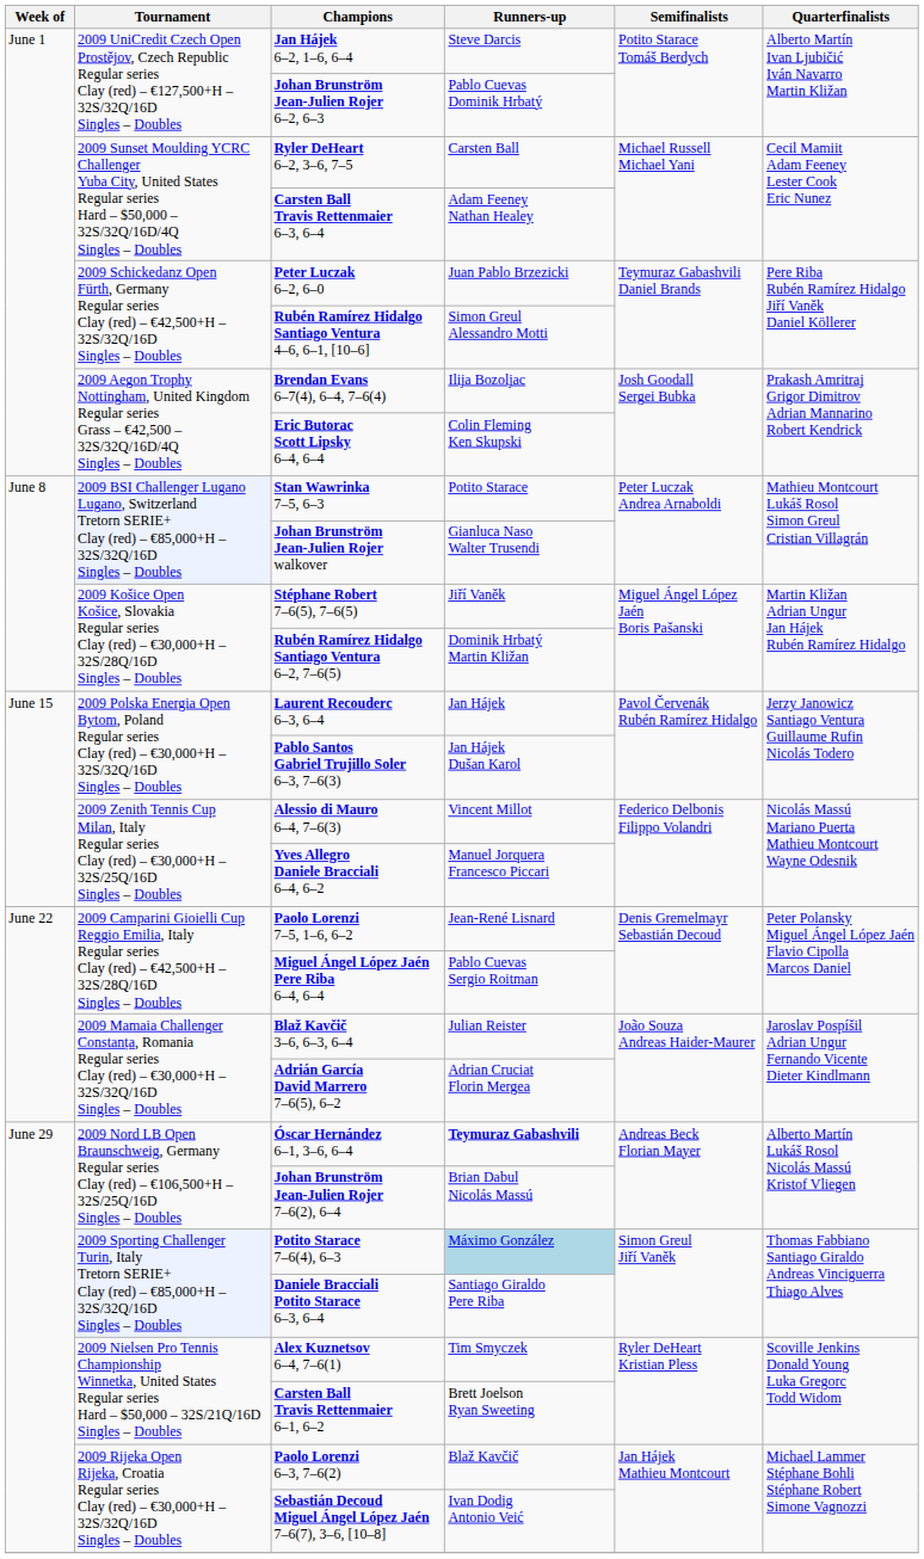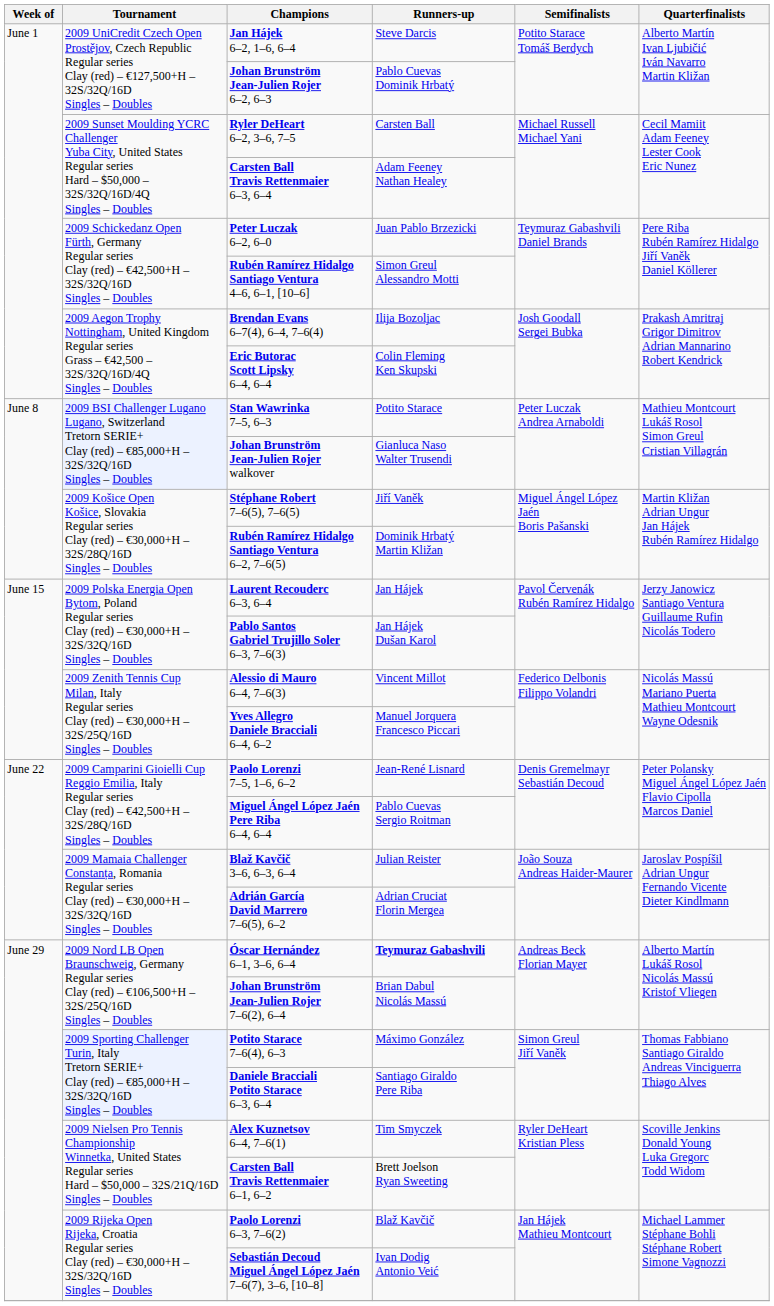 <table class="wikitable" style="font-size:85%;">
 <tr>
 <th width="75">Week of</th>
 <th width="230">Tournament</th>
 <th width="210">Champions</th>
 <th width="210">Runners-up</th>
 <th width="170">Semifinalists</th>
 <th width="170">Quarterfinalists</th>
 </tr>
 <tr valign=top>
 <td rowspan=8>June 1</td>
 <td rowspan=2><a href='#'>2009 UniCredit Czech Open</a><br> <a href='#'>Prostějov</a>, Czech Republic<br>Regular series<br>Clay (red) – €127,500+H – 32S/32Q/16D<br><a href='#'>Singles</a> – <a href='#'>Doubles</a></td>
 <td> <strong><a href='#'>Jan Hájek</a></strong> <br>6–2, 1–6, 6–4</td>
 <td> <a href='#'>Steve Darcis</a></td>
 <td rowspan=2> <a href='#'>Potito Starace</a><br> <a href='#'>Tomáš Berdych</a></td>
 <td rowspan=2> <a href='#'>Alberto Martín</a><br> <a href='#'>Ivan Ljubičić</a><br> <a href='#'>Iván Navarro</a><br> <a href='#'>Martin Kližan</a></td>
 </tr>
 <tr valign=top>
 <td> <strong><a href='#'>Johan Brunström</a></strong><br> <strong><a href='#'>Jean-Julien Rojer</a></strong><br>6–2, 6–3</td>
 <td> <a href='#'>Pablo Cuevas</a><br> <a href='#'>Dominik Hrbatý</a></td>
 </tr>
 <tr valign=top>
 <td rowspan=2><a href='#'>2009 Sunset Moulding YCRC Challenger</a><br><a href='#'>Yuba City</a>, United States<br>Regular series<br>Hard – $50,000 – 32S/32Q/16D/4Q<br><a href='#'>Singles</a> – <a href='#'>Doubles</a></td>
 <td> <strong><a href='#'>Ryler DeHeart</a></strong><br>6–2, 3–6, 7–5</td>
 <td> <a href='#'>Carsten Ball</a></td>
 <td rowspan=2> <a href='#'>Michael Russell</a><br> <a href='#'>Michael Yani</a></td>
 <td rowspan=2> <a href='#'>Cecil Mamiit</a><br> <a href='#'>Adam Feeney</a><br>  <a href='#'>Lester Cook</a><br> <a href='#'>Eric Nunez</a></td>
 </tr>
 <tr valign=top>
 <td> <strong><a href='#'>Carsten Ball</a></strong><br> <strong><a href='#'>Travis Rettenmaier</a></strong><br>6–3, 6–4</td>
 <td> <a href='#'>Adam Feeney</a><br> <a href='#'>Nathan Healey</a></td>
 </tr>
 <tr valign=top>
 <td rowspan=2><a href='#'>2009 Schickedanz Open</a><br> <a href='#'>Fürth</a>, Germany<br>Regular series<br>Clay (red) – €42,500+H – 32S/32Q/16D<br><a href='#'>Singles</a> – <a href='#'>Doubles</a></td>
 <td> <strong><a href='#'>Peter Luczak</a></strong><br>6–2, 6–0</td>
 <td> <a href='#'>Juan Pablo Brzezicki</a></td>
 <td rowspan=2> <a href='#'>Teymuraz Gabashvili</a><br> <a href='#'>Daniel Brands</a></td>
 <td rowspan=2> <a href='#'>Pere Riba</a><br> <a href='#'>Rubén Ramírez Hidalgo</a><br> <a href='#'>Jiří Vaněk</a><br> <a href='#'>Daniel Köllerer</a></td>
 </tr>
 <tr valign=top>
 <td> <strong><a href='#'>Rubén Ramírez Hidalgo</a></strong><br> <strong><a href='#'>Santiago Ventura</a></strong><br>4–6, 6–1, [10–6]</td>
 <td> <a href='#'>Simon Greul</a><br> <a href='#'>Alessandro Motti</a></td>
 </tr>
 <tr valign=top>
 <td rowspan=2><a href='#'>2009 Aegon Trophy</a><br> <a href='#'>Nottingham</a>, United Kingdom<br>Regular series<br>Grass – €42,500 – 32S/32Q/16D/4Q<br><a href='#'>Singles</a> – <a href='#'>Doubles</a></td>
 <td> <strong><a href='#'>Brendan Evans</a></strong><br>6–7(4), 6–4, 7–6(4)</td>
 <td> <a href='#'>Ilija Bozoljac</a></td>
 <td rowspan=2> <a href='#'>Josh Goodall</a><br> <a href='#'>Sergei Bubka</a></td>
 <td rowspan=2> <a href='#'>Prakash Amritraj</a><br> <a href='#'>Grigor Dimitrov</a><br> <a href='#'>Adrian Mannarino</a><br> <a href='#'>Robert Kendrick</a></td>
 </tr>
 <tr valign=top>
 <td> <strong><a href='#'>Eric Butorac</a></strong><br> <strong><a href='#'>Scott Lipsky</a></strong><br>6–4, 6–4</td>
 <td> <a href='#'>Colin Fleming</a><br> <a href='#'>Ken Skupski</a></td>
 </tr>
 <tr valign=top>
 <td rowspan=4>June 8</td>
 <td bgcolor="#ECF2FF" rowspan=2><a href='#'>2009 BSI Challenger Lugano</a><br> <a href='#'>Lugano</a>, Switzerland<br>Tretorn SERIE+<br>Clay (red) – €85,000+H – 32S/32Q/16D<br><a href='#'>Singles</a> – <a href='#'>Doubles</a></td>
 <td> <strong><a href='#'>Stan Wawrinka</a></strong><br>7–5, 6–3</td>
 <td> <a href='#'>Potito Starace</a></td>
 <td rowspan=2> <a href='#'>Peter Luczak</a><br> <a href='#'>Andrea Arnaboldi</a></td>
 <td rowspan=2> <a href='#'>Mathieu Montcourt</a><br> <a href='#'>Lukáš Rosol</a><br> <a href='#'>Simon Greul</a><br> <a href='#'>Cristian Villagrán</a></td>
 </tr>
 <tr valign=top>
 <td> <strong><a href='#'>Johan Brunström</a></strong><br> <strong><a href='#'>Jean-Julien Rojer</a></strong><br>walkover</td>
 <td> <a href='#'>Gianluca Naso</a><br> <a href='#'>Walter Trusendi</a></td>
 </tr>
 <tr valign=top>
 <td rowspan=2><a href='#'>2009 Košice Open</a><br> <a href='#'>Košice</a>, Slovakia<br>Regular series<br>Clay (red) – €30,000+H – 32S/28Q/16D<br><a href='#'>Singles</a> – <a href='#'>Doubles</a></td>
 <td> <strong><a href='#'>Stéphane Robert</a></strong><br>7–6(5), 7–6(5)</td>
 <td> <a href='#'>Jiří Vaněk</a></td>
 <td rowspan=2> <a href='#'>Miguel Ángel López Jaén</a><br> <a href='#'>Boris Pašanski</a></td>
 <td rowspan=2> <a href='#'>Martin Kližan</a><br> <a href='#'>Adrian Ungur</a><br> <a href='#'>Jan Hájek</a><br> <a href='#'>Rubén Ramírez Hidalgo</a></td>
 </tr>
 <tr valign=top>
 <td> <strong><a href='#'>Rubén Ramírez Hidalgo</a></strong><br> <strong><a href='#'>Santiago Ventura</a></strong><br>6–2, 7–6(5)</td>
 <td> <a href='#'>Dominik Hrbatý</a><br> <a href='#'>Martin Kližan</a></td>
 </tr>
 <tr valign=top>
 <td rowspan=4>June 15</td>
 <td rowspan=2><a href='#'>2009 Polska Energia Open</a><br> <a href='#'>Bytom</a>, Poland<br>Regular series<br>Clay (red) – €30,000+H – 32S/32Q/16D<br><a href='#'>Singles</a> – <a href='#'>Doubles</a></td>
 <td> <strong><a href='#'>Laurent Recouderc</a></strong><br>6–3, 6–4</td>
 <td> <a href='#'>Jan Hájek</a></td>
 <td rowspan=2> <a href='#'>Pavol Červenák</a><br> <a href='#'>Rubén Ramírez Hidalgo</a></td>
 <td rowspan=2> <a href='#'>Jerzy Janowicz</a><br> <a href='#'>Santiago Ventura</a><br> <a href='#'>Guillaume Rufin</a><br> <a href='#'>Nicolás Todero</a></td>
 </tr>
 <tr valign=top>
 <td> <strong><a href='#'>Pablo Santos</a></strong><br> <strong><a href='#'>Gabriel Trujillo Soler</a></strong><br>6–3, 7–6(3)</td>
 <td> <a href='#'>Jan Hájek</a><br> <a href='#'>Dušan Karol</a></td>
 </tr>
 <tr valign=top>
 <td rowspan=2><a href='#'>2009 Zenith Tennis Cup</a><br> <a href='#'>Milan</a>, Italy<br>Regular series<br>Clay (red) – €30,000+H – 32S/25Q/16D<br><a href='#'>Singles</a> – <a href='#'>Doubles</a></td>
 <td> <strong><a href='#'>Alessio di Mauro</a></strong><br>6–4, 7–6(3)</td>
 <td> <a href='#'>Vincent Millot</a></td>
 <td rowspan=2> <a href='#'>Federico Delbonis</a><br> <a href='#'>Filippo Volandri</a></td>
 <td rowspan=2> <a href='#'>Nicolás Massú</a><br> <a href='#'>Mariano Puerta</a><br> <a href='#'>Mathieu Montcourt</a><br> <a href='#'>Wayne Odesnik</a></td>
 </tr>
 <tr valign=top>
 <td> <strong><a href='#'>Yves Allegro</a></strong><br> <strong><a href='#'>Daniele Bracciali</a></strong><br>6–4, 6–2</td>
 <td> <a href='#'>Manuel Jorquera</a><br> <a href='#'>Francesco Piccari</a></td>
 </tr>
 <tr valign=top>
 <td rowspan=4>June 22</td>
 <td rowspan=2><a href='#'>2009 Camparini Gioielli Cup</a><br> <a href='#'>Reggio Emilia</a>, Italy<br>Regular series<br>Clay (red) – €42,500+H – 32S/28Q/16D<br><a href='#'>Singles</a> – <a href='#'>Doubles</a></td>
 <td> <strong><a href='#'>Paolo Lorenzi</a></strong><br>7–5, 1–6, 6–2</td>
 <td> <a href='#'>Jean-René Lisnard</a></td>
 <td rowspan=2> <a href='#'>Denis Gremelmayr</a><br> <a href='#'>Sebastián Decoud</a></td>
 <td rowspan=2> <a href='#'>Peter Polansky</a><br> <a href='#'>Miguel Ángel López Jaén</a><br> <a href='#'>Flavio Cipolla</a><br> <a href='#'>Marcos Daniel</a></td>
 </tr>
 <tr valign=top>
 <td> <strong><a href='#'>Miguel Ángel López Jaén</a></strong><br> <strong><a href='#'>Pere Riba</a></strong><br>6–4, 6–4</td>
 <td> <a href='#'>Pablo Cuevas</a><br> <a href='#'>Sergio Roitman</a></td>
 </tr>
 <tr valign=top>
 <td rowspan=2><a href='#'>2009 Mamaia Challenger</a><br> <a href='#'>Constanța</a>, Romania<br>Regular series<br>Clay (red) – €30,000+H – 32S/32Q/16D<br><a href='#'>Singles</a> – <a href='#'>Doubles</a></td>
 <td> <strong><a href='#'>Blaž Kavčič</a></strong><br>3–6, 6–3, 6–4</td>
 <td> <a href='#'>Julian Reister</a></td>
 <td rowspan=2> <a href='#'>João Souza</a><br> <a href='#'>Andreas Haider-Maurer</a></td>
 <td rowspan=2> <a href='#'>Jaroslav Pospíšil</a><br> <a href='#'>Adrian Ungur</a><br> <a href='#'>Fernando Vicente</a><br> <a href='#'>Dieter Kindlmann</a></td>
 </tr>
 <tr valign=top>
 <td> <strong><a href='#'>Adrián García</a></strong><br> <strong><a href='#'>David Marrero</a></strong><br>7–6(5), 6–2</td>
 <td> <a href='#'>Adrian Cruciat</a><br> <a href='#'>Florin Mergea</a></td>
 </tr>
 <tr valign=top>
 <td rowspan=8>June 29</td>
 <td rowspan=2><a href='#'>2009 Nord LB Open</a><br> <a href='#'>Braunschweig</a>, Germany<br>Regular series<br>Clay (red) – €106,500+H – 32S/25Q/16D<br><a href='#'>Singles</a> – <a href='#'>Doubles</a></td>
 <td> <strong><a href='#'>Óscar Hernández</a></strong><br>6–1, 3–6, 6–4</td>
 <td><strong> <a href='#'>Teymuraz Gabashvili</a></strong></td>
 <td rowspan=2> <a href='#'>Andreas Beck</a><br> <a href='#'>Florian Mayer</a></td>
 <td rowspan=2> <a href='#'>Alberto Martín</a><br> <a href='#'>Lukáš Rosol</a><br> <a href='#'>Nicolás Massú</a><br> <a href='#'>Kristof Vliegen</a></td>
 </tr>
 <tr valign=top>
 <td> <strong><a href='#'>Johan Brunström</a></strong><br> <strong><a href='#'>Jean-Julien Rojer</a></strong><br>7–6(2), 6–4</td>
 <td> <a href='#'>Brian Dabul</a><br> <a href='#'>Nicolás Massú</a></td>
 </tr>
 <tr valign=top>
 <td bgcolor="#ECF2FF" rowspan=2><a href='#'>2009 Sporting Challenger</a><br> <a href='#'>Turin</a>, Italy<br>Tretorn SERIE+<br>Clay (red) – €85,000+H – 32S/32Q/16D<br><a href='#'>Singles</a> – <a href='#'>Doubles</a></td>
 <td> <strong><a href='#'>Potito Starace</a></strong><br>7–6(4), 6–3</td>
-<td style="background: lightblue;"> <a href='#'>Máximo González</a></td>
+<td> <a href='#'>Máximo González</a></td>
 <td rowspan=2> <a href='#'>Simon Greul</a><br> <a href='#'>Jiří Vaněk</a></td>
 <td rowspan=2> <a href='#'>Thomas Fabbiano</a><br> <a href='#'>Santiago Giraldo</a><br> <a href='#'>Andreas Vinciguerra</a><br> <a href='#'>Thiago Alves</a></td>
 </tr>
 <tr valign=top>
 <td> <strong><a href='#'>Daniele Bracciali</a></strong><br> <strong><a href='#'>Potito Starace</a></strong> <br>6–3, 6–4</td>
 <td> <a href='#'>Santiago Giraldo</a><br> <a href='#'>Pere Riba</a></td>
 </tr>
 <tr valign=top>
 <td rowspan=2><a href='#'>2009 Nielsen Pro Tennis Championship</a><br> <a href='#'>Winnetka</a>, United States<br>Regular series<br>Hard – $50,000 – 32S/21Q/16D<br><a href='#'>Singles</a> – <a href='#'>Doubles</a></td>
 <td> <strong><a href='#'>Alex Kuznetsov</a></strong><br>6–4, 7–6(1)</td>
 <td> <a href='#'>Tim Smyczek</a></td>
 <td rowspan=2> <a href='#'>Ryler DeHeart</a><br> <a href='#'>Kristian Pless</a></td>
 <td rowspan=2> <a href='#'>Scoville Jenkins</a><br> <a href='#'>Donald Young</a><br> <a href='#'>Luka Gregorc</a><br> <a href='#'>Todd Widom</a></td>
 </tr>
 <tr valign=top>
 <td> <strong><a href='#'>Carsten Ball</a></strong><br> <strong><a href='#'>Travis Rettenmaier</a></strong><br>6–1, 6–2</td>
 <td> Brett Joelson<br> <a href='#'>Ryan Sweeting</a></td>
 </tr>
 <tr valign=top>
 <td rowspan=2><a href='#'>2009 Rijeka Open</a><br> <a href='#'>Rijeka</a>, Croatia<br>Regular series<br>Clay (red) – €30,000+H – 32S/32Q/16D<br><a href='#'>Singles</a> – <a href='#'>Doubles</a></td>
 <td> <strong><a href='#'>Paolo Lorenzi</a></strong><br>6–3, 7–6(2)</td>
 <td> <a href='#'>Blaž Kavčič</a></td>
 <td rowspan=2> <a href='#'>Jan Hájek</a><br> <a href='#'>Mathieu Montcourt</a></td>
 <td rowspan=2> <a href='#'>Michael Lammer</a><br> <a href='#'>Stéphane Bohli</a><br> <a href='#'>Stéphane Robert</a><br> <a href='#'>Simone Vagnozzi</a></td>
 </tr>
 <tr valign=top>
 <td> <strong><a href='#'>Sebastián Decoud</a></strong><br> <strong><a href='#'>Miguel Ángel López Jaén</a></strong><br>7–6(7), 3–6, [10–8]</td>
 <td> <a href='#'>Ivan Dodig</a><br> <a href='#'>Antonio Veić</a></td>
 </tr>
 <tr valign=top>
 </tr>
 </table>
